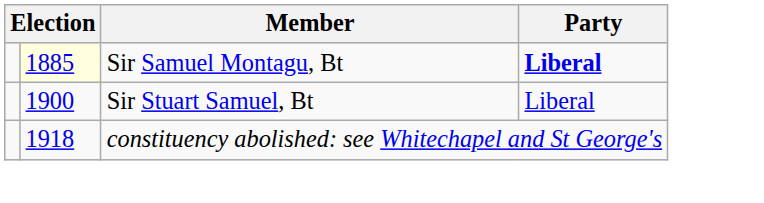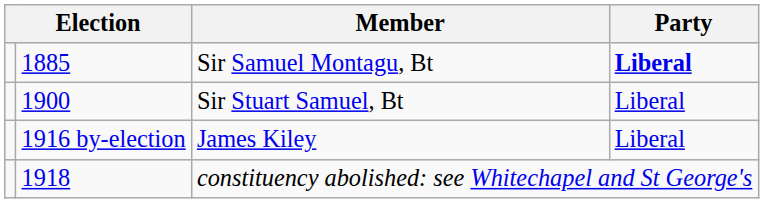 <table class="wikitable">
 <tr>
 <th colspan="2">Election</th>
 <th>Member </th>
 <th>Party</th>
 </tr>
 <tr>
 <td style="color:inherit;background-color: "></td>
-<td style="background: lightyellow;"><a href='#'>1885</a></td>
+<td><a href='#'>1885</a></td>
 <td>Sir <a href='#'>Samuel Montagu</a>, Bt</td>
 <td><strong><a href='#'>Liberal</a></strong></td>
 </tr>
 <tr>
 <td style="color:inherit;background-color: "></td>
 <td><a href='#'>1900</a></td>
 <td>Sir <a href='#'>Stuart Samuel</a>, Bt</td>
 <td><a href='#'>Liberal</a></td>
 </tr>
 <tr>
+<td style="color:inherit;background-color: "></td>
+<td><a href='#'>1916 by-election</a></td>
+<td><a href='#'>James Kiley</a></td>
+<td><a href='#'>Liberal</a></td>
+</tr>
+<tr>
 <td></td>
 <td><a href='#'>1918</a></td>
 <td colspan="2"><em>constituency abolished: see <a href='#'>Whitechapel and St George's</a></em></td>
 </tr>
 </table>
